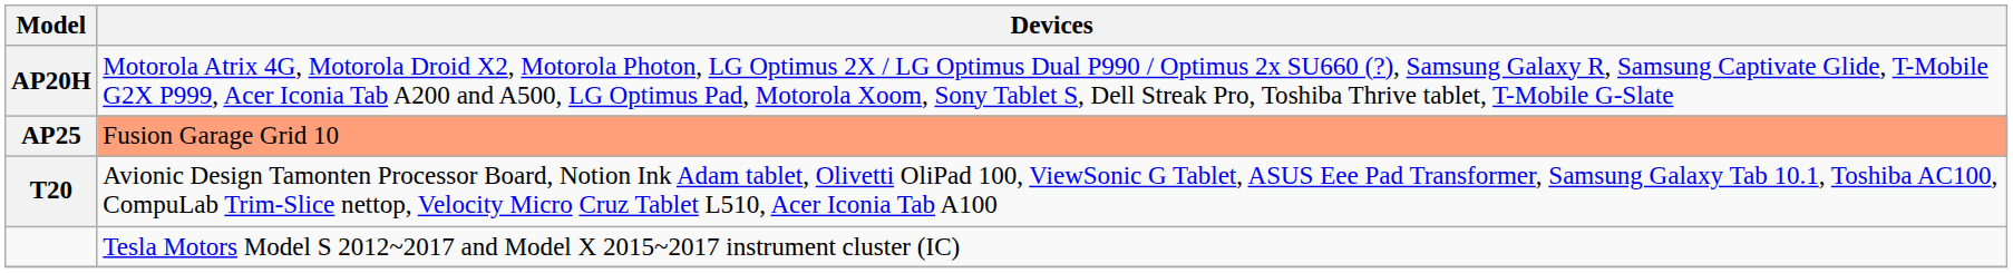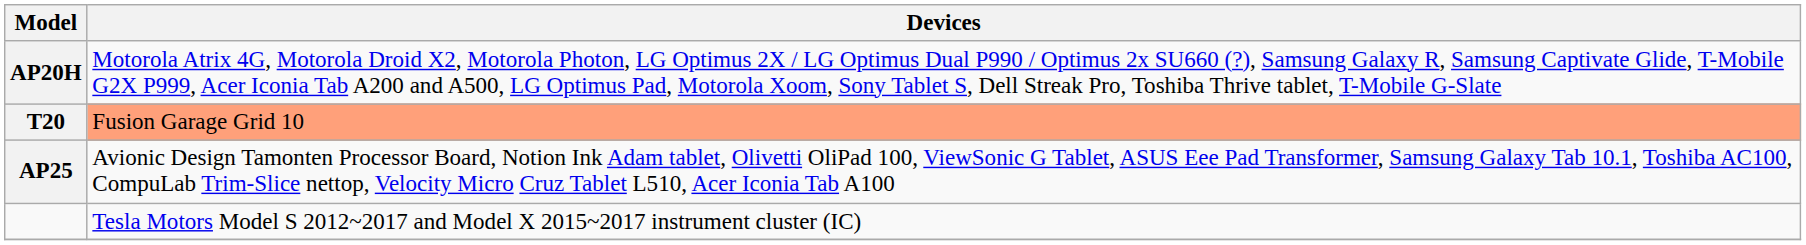 <table class="wikitable">
 <tr>
 <th>Model</th>
 <th>Devices</th>
 </tr>
 <tr>
 <th>AP20H</th>
 <td><a href='#'>Motorola Atrix 4G</a>, <a href='#'>Motorola Droid X2</a>, <a href='#'>Motorola Photon</a>, <a href='#'>LG Optimus 2X / LG Optimus Dual P990 / Optimus 2x SU660 (?)</a>, <a href='#'>Samsung Galaxy R</a>, <a href='#'>Samsung Captivate Glide</a>, <a href='#'>T-Mobile G2X P999</a>, <a href='#'>Acer Iconia Tab</a> A200 and A500, <a href='#'>LG Optimus Pad</a>, <a href='#'>Motorola Xoom</a>, <a href='#'>Sony Tablet S</a>, Dell Streak Pro, Toshiba Thrive tablet, <a href='#'>T-Mobile G-Slate</a></td>
 </tr>
 <tr>
-<th>AP25</th>
+<th>T20</th>
 <td style="background: lightsalmon;">Fusion Garage Grid 10</td>
 </tr>
 <tr>
-<th>T20</th>
+<th>AP25</th>
 <td>Avionic Design Tamonten Processor Board, Notion Ink <a href='#'>Adam tablet</a>, <a href='#'>Olivetti</a> OliPad 100, <a href='#'>ViewSonic G Tablet</a>, <a href='#'>ASUS Eee Pad Transformer</a>, <a href='#'>Samsung Galaxy Tab 10.1</a>, <a href='#'>Toshiba AC100</a>, CompuLab <a href='#'>Trim-Slice</a> nettop, <a href='#'>Velocity Micro</a> <a href='#'>Cruz Tablet</a> L510, <a href='#'>Acer Iconia Tab</a> A100</td>
 </tr>
 <tr>
 <td></td>
 <td><a href='#'>Tesla Motors</a> Model S 2012~2017 and Model X 2015~2017 instrument cluster (IC)</td>
 </tr>
 <tr>
 </tr>
 </table>
